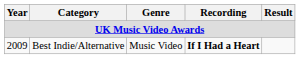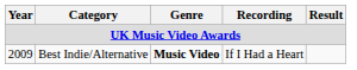 <table class=wikitable>
 <tr style="background:#ccc;">
 <th>Year</th>
 <th>Category</th>
 <th>Genre</th>
 <th>Recording</th>
 <th>Result</th>
 </tr>
 <tr style="background:#ddd;">
 <td colspan="5" style="text-align:center;"><strong><a href='#'>UK Music Video Awards</a></strong></td>
 </tr>
 <tr align=center>
 <td style="text-align:left;">2009</td>
 <td>Best Indie/Alternative</td>
-<td>Music Video</td>
-<td><strong>If I Had a Heart</strong></td>
+<td><strong>Music Video</strong></td>
+<td>If I Had a Heart</td>
 <td></td>
 </tr>
 </table>
